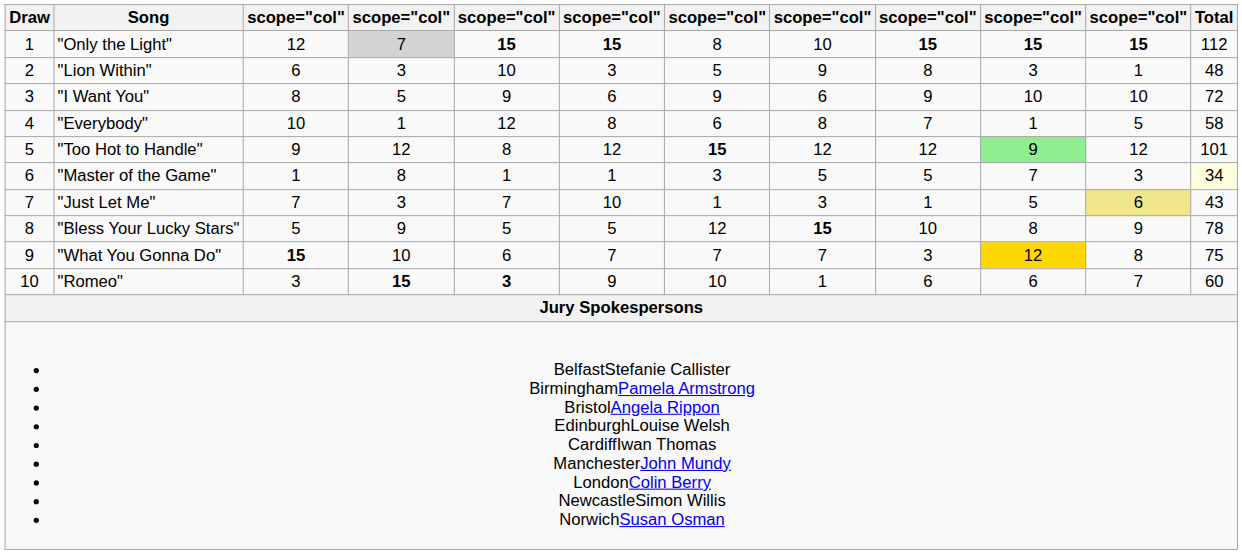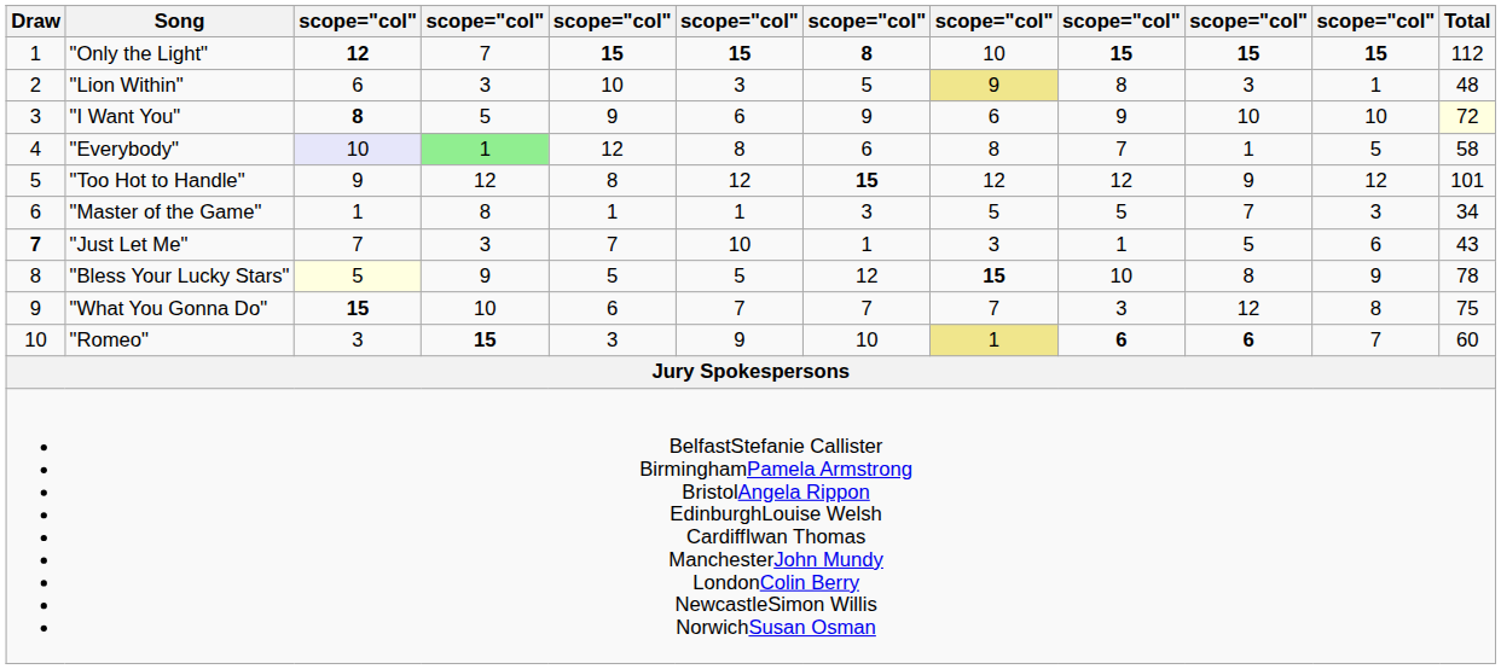 <table class="wikitable plainrowheaders" style="margin: 1em auto 1em auto; text-align:center;">
 <tr>
 </tr>
 <tr>
 <th scope="col">Draw</th>
 <th scope="col">Song</th>
 <th>scope="col" </th>
 <th>scope="col" </th>
 <th>scope="col" </th>
 <th>scope="col" </th>
 <th>scope="col" </th>
 <th>scope="col" </th>
 <th>scope="col" </th>
 <th>scope="col" </th>
 <th>scope="col" </th>
 <th scope="col">Total</th>
 </tr>
 <tr>
 <td>1</td>
 <td align="left">"Only the Light"</td>
-<td>12</td>
-<td style="background: lightgrey;">7</td>
+<td><strong>12</strong></td>
+<td>7</td>
 <td><strong>15</strong></td>
 <td><strong>15</strong></td>
-<td>8</td>
+<td><strong>8</strong></td>
 <td>10</td>
 <td><strong>15</strong></td>
 <td><strong>15</strong></td>
 <td><strong>15</strong></td>
 <td>112</td>
 </tr>
 <tr>
 <td>2</td>
 <td align="left">"Lion Within"</td>
 <td>6</td>
 <td>3</td>
 <td>10</td>
 <td>3</td>
 <td>5</td>
-<td>9</td>
+<td style="background: khaki;">9</td>
 <td>8</td>
 <td>3</td>
 <td>1</td>
 <td>48</td>
 </tr>
 <tr>
 <td>3</td>
 <td align="left">"I Want You"</td>
-<td>8</td>
+<td><strong>8</strong></td>
 <td>5</td>
 <td>9</td>
 <td>6</td>
 <td>9</td>
 <td>6</td>
 <td>9</td>
 <td>10</td>
 <td>10</td>
-<td>72</td>
+<td style="background: lightyellow;">72</td>
 </tr>
 <tr>
 <td>4</td>
 <td align="left">"Everybody"</td>
-<td>10</td>
-<td>1</td>
+<td style="background: lavender;">10</td>
+<td style="background: lightgreen;">1</td>
 <td>12</td>
 <td>8</td>
 <td>6</td>
 <td>8</td>
 <td>7</td>
 <td>1</td>
 <td>5</td>
 <td>58</td>
 </tr>
 <tr>
 <td>5</td>
 <td align="left">"Too Hot to Handle"</td>
 <td>9</td>
 <td>12</td>
 <td>8</td>
 <td>12</td>
 <td><strong>15</strong></td>
 <td>12</td>
 <td>12</td>
-<td style="background: lightgreen;">9</td>
+<td>9</td>
 <td>12</td>
 <td>101</td>
 </tr>
 <tr>
 <td>6</td>
 <td align="left">"Master of the Game"</td>
 <td>1</td>
 <td>8</td>
 <td>1</td>
 <td>1</td>
 <td>3</td>
 <td>5</td>
 <td>5</td>
 <td>7</td>
 <td>3</td>
-<td style="background: lightyellow;">34</td>
+<td>34</td>
 </tr>
 <tr>
-<td>7</td>
+<td><strong>7</strong></td>
 <td align="left">"Just Let Me"</td>
 <td>7</td>
 <td>3</td>
 <td>7</td>
 <td>10</td>
 <td>1</td>
 <td>3</td>
 <td>1</td>
 <td>5</td>
-<td style="background: khaki;">6</td>
+<td>6</td>
 <td>43</td>
 </tr>
 <tr>
 <td>8</td>
 <td align="left">"Bless Your Lucky Stars"</td>
-<td>5</td>
+<td style="background: lightyellow;">5</td>
 <td>9</td>
 <td>5</td>
 <td>5</td>
 <td>12</td>
 <td><strong>15</strong></td>
 <td>10</td>
 <td>8</td>
 <td>9</td>
 <td>78</td>
 </tr>
 <tr>
 <td>9</td>
 <td align="left">"What You Gonna Do"</td>
 <td><strong>15</strong></td>
 <td>10</td>
 <td>6</td>
 <td>7</td>
 <td>7</td>
 <td>7</td>
 <td>3</td>
-<td style="background: gold;">12</td>
+<td>12</td>
 <td>8</td>
 <td>75</td>
 </tr>
 <tr>
 <td>10</td>
 <td align="left">"Romeo"</td>
 <td>3</td>
 <td><strong>15</strong></td>
-<td><strong>3</strong></td>
+<td>3</td>
 <td>9</td>
 <td>10</td>
-<td>1</td>
-<td>6</td>
-<td>6</td>
+<td style="background: khaki;">1</td>
+<td><strong>6</strong></td>
+<td><strong>6</strong></td>
 <td>7</td>
 <td>60</td>
 </tr>
 <tr>
 <th colspan="12">Jury Spokespersons</th>
 </tr>
 <tr>
 <td colspan="12"><br><ul><li>BelfastStefanie Callister</li><li>Birmingham<a href='#'>Pamela Armstrong</a></li><li>Bristol<a href='#'>Angela Rippon</a></li><li>EdinburghLouise Welsh</li><li>CardiffIwan Thomas</li><li>Manchester<a href='#'>John Mundy</a></li><li>London<a href='#'>Colin Berry</a></li><li>NewcastleSimon Willis</li><li>Norwich<a href='#'>Susan Osman</a></li></ul></td>
 </tr>
 </table>
